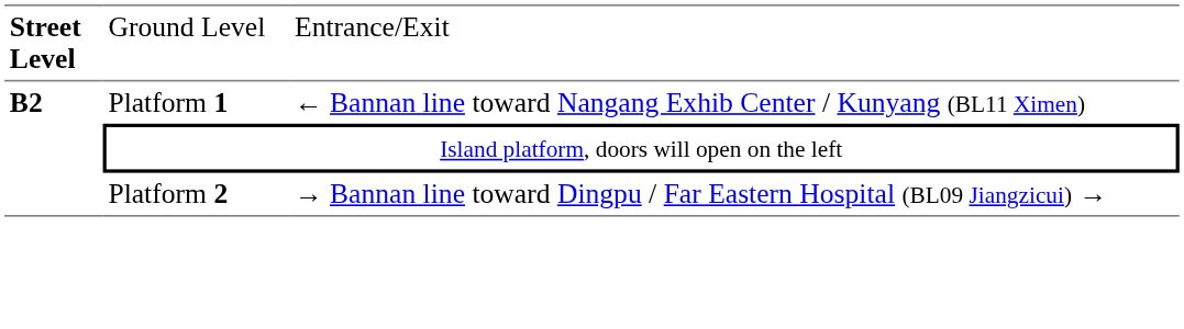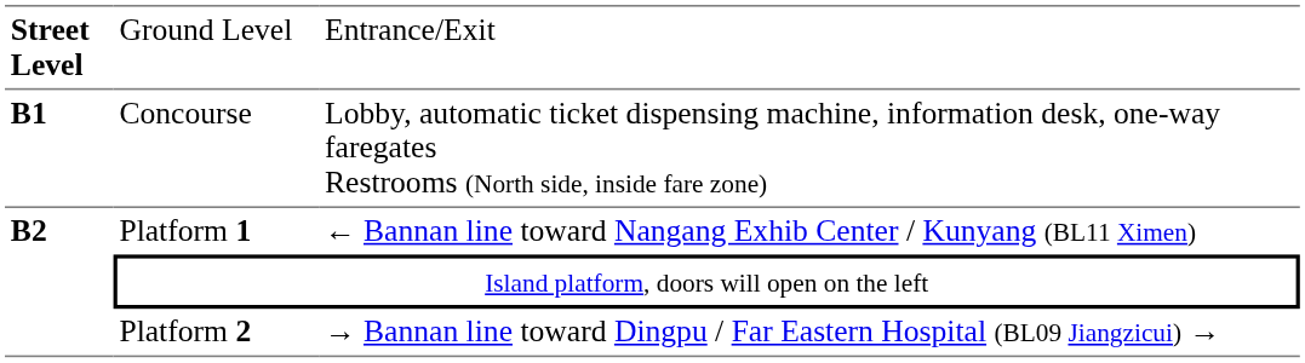 <table cellspacing=0 cellpadding=3>
 <tr>
 <td style="border-top:solid 1px gray;border-bottom:solid 1px gray;" width=50 valign=top><strong>Street Level</strong></td>
 <td style="border-top:solid 1px gray;border-bottom:solid 1px gray;" width=100 valign=top>Ground Level</td>
 <td style="border-top:solid 1px gray;border-bottom:solid 1px gray;" width=500 valign=top>Entrance/Exit</td>
+</tr>
+<tr>
+<td style="border-bottom:solid 1px gray;" width=50 valign=top><strong>B1</strong></td>
+<td style="border-bottom:solid 1px gray;" width=100 valign=top>Concourse</td>
+<td style="border-bottom:solid 1px gray;" width=500 valign=top>Lobby, automatic ticket dispensing machine, information desk, one-way faregates<br>Restrooms <small>(North side, inside fare zone)</small></td>
 </tr>
 <tr>
 <td style="border-bottom:solid 1px gray;" rowspan=3 valign=top><strong>B2</strong></td>
 <td>Platform <span><strong>1</strong></span></td>
 <td>←  <a href='#'>Bannan line</a> toward <a href='#'>Nangang Exhib Center</a> / <a href='#'>Kunyang</a> <small>(BL11 <a href='#'>Ximen</a>)</small></td>
 </tr>
 <tr>
 <td style="border-top:solid 2px black;border-right:solid 2px black;border-left:solid 2px black;border-bottom:solid 2px black;text-align:center;" colspan=2><small><a href='#'>Island platform</a>, doors will open on the left</small></td>
 </tr>
 <tr>
 <td style="border-bottom:solid 1px gray;">Platform <span><strong>2</strong></span></td>
 <td style="border-bottom:solid 1px gray;"><span>→</span>  <a href='#'>Bannan line</a> toward <a href='#'>Dingpu</a> / <a href='#'>Far Eastern Hospital</a> <small>(BL09 <a href='#'>Jiangzicui</a>)</small> →</td>
 </tr>
 </table>
